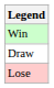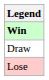 <table class=wikitable style="font-size:85%">
 <tr>
 <th>Legend</th>
 </tr>
 <tr style="background:#cfc;">
-<td>Win</td>
+<td><strong>Win</strong></td>
 </tr>
 <tr style="background:#fff;">
 <td>Draw</td>
 </tr>
 <tr style="background:#fcc;">
 <td>Lose</td>
 </tr>
 </table>
